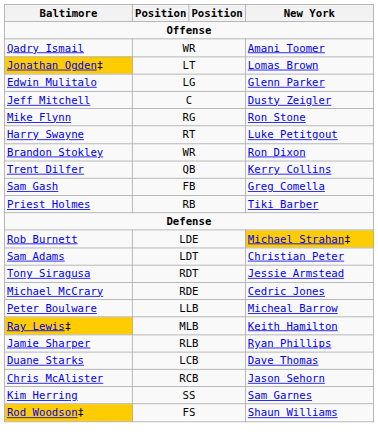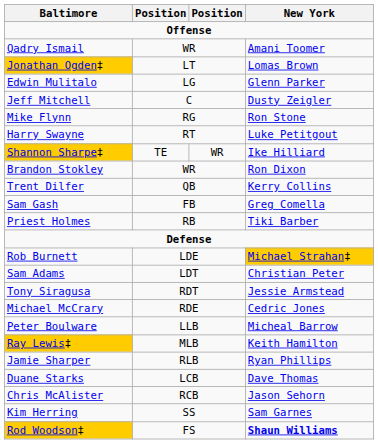 <table class="wikitable">
 <tr>
 <th width="150px">Baltimore</th>
 <th>Position</th>
 <th>Position</th>
 <th width="150px">New York</th>
 </tr>
 <tr>
 <td colspan="4" style="text-align:center"><strong>Offense</strong></td>
 </tr>
 <tr>
 <td><a href='#'>Qadry Ismail</a></td>
 <td colspan="2" style="text-align:center">WR</td>
 <td><a href='#'>Amani Toomer</a></td>
 </tr>
 <tr>
 <td bgcolor="#FFCC00"><a href='#'>Jonathan Ogden</a>‡</td>
 <td colspan="2" style="text-align:center">LT</td>
 <td><a href='#'>Lomas Brown</a></td>
 </tr>
 <tr>
 <td><a href='#'>Edwin Mulitalo</a></td>
 <td colspan="2" style="text-align:center">LG</td>
 <td><a href='#'>Glenn Parker</a></td>
 </tr>
 <tr>
 <td><a href='#'>Jeff Mitchell</a></td>
 <td colspan="2" style="text-align:center">C</td>
 <td><a href='#'>Dusty Zeigler</a></td>
 </tr>
 <tr>
 <td><a href='#'>Mike Flynn</a></td>
 <td colspan="2" style="text-align:center">RG</td>
 <td><a href='#'>Ron Stone</a></td>
 </tr>
 <tr>
 <td><a href='#'>Harry Swayne</a></td>
 <td colspan="2" style="text-align:center">RT</td>
 <td><a href='#'>Luke Petitgout</a></td>
+</tr>
+<tr>
+<td bgcolor="#FFCC00"><a href='#'>Shannon Sharpe</a>‡</td>
+<td style="text-align:center">TE</td>
+<td style="text-align:center">WR</td>
+<td><a href='#'>Ike Hilliard</a></td>
 </tr>
 <tr>
 <td><a href='#'>Brandon Stokley</a></td>
 <td colspan="2" style="text-align:center">WR</td>
 <td><a href='#'>Ron Dixon</a></td>
 </tr>
 <tr>
 <td><a href='#'>Trent Dilfer</a></td>
 <td colspan="2" style="text-align:center">QB</td>
 <td><a href='#'>Kerry Collins</a></td>
 </tr>
 <tr>
 <td><a href='#'>Sam Gash</a></td>
 <td colspan="2" style="text-align:center">FB</td>
 <td><a href='#'>Greg Comella</a></td>
 </tr>
 <tr>
 <td><a href='#'>Priest Holmes</a></td>
 <td colspan="2" style="text-align:center">RB</td>
 <td><a href='#'>Tiki Barber</a></td>
 </tr>
 <tr>
 <td colspan="4" style="text-align:center"><strong>Defense</strong></td>
 </tr>
 <tr>
 <td><a href='#'>Rob Burnett</a></td>
 <td colspan="2" style="text-align:center">LDE</td>
 <td bgcolor="#FFCC00"><a href='#'>Michael Strahan</a>‡</td>
 </tr>
 <tr>
 <td><a href='#'>Sam Adams</a></td>
 <td colspan="2" style="text-align:center">LDT</td>
 <td><a href='#'>Christian Peter</a></td>
 </tr>
 <tr>
 <td><a href='#'>Tony Siragusa</a></td>
 <td colspan="2" style="text-align:center">RDT</td>
 <td><a href='#'>Jessie Armstead</a></td>
 </tr>
 <tr>
 <td><a href='#'>Michael McCrary</a></td>
 <td colspan="2" style="text-align:center">RDE</td>
 <td><a href='#'>Cedric Jones</a></td>
 </tr>
 <tr>
 <td><a href='#'>Peter Boulware</a></td>
 <td colspan="2" style="text-align:center">LLB</td>
 <td><a href='#'>Micheal Barrow</a></td>
 </tr>
 <tr>
 <td bgcolor="#FFCC00"><a href='#'>Ray Lewis</a>‡</td>
 <td colspan="2" style="text-align:center">MLB</td>
 <td><a href='#'>Keith Hamilton</a></td>
 </tr>
 <tr>
 <td><a href='#'>Jamie Sharper</a></td>
 <td colspan="2" style="text-align:center">RLB</td>
 <td><a href='#'>Ryan Phillips</a></td>
 </tr>
 <tr>
 <td><a href='#'>Duane Starks</a></td>
 <td colspan="2" style="text-align:center">LCB</td>
 <td><a href='#'>Dave Thomas</a></td>
 </tr>
 <tr>
 <td><a href='#'>Chris McAlister</a></td>
 <td colspan="2" style="text-align:center">RCB</td>
 <td><a href='#'>Jason Sehorn</a></td>
 </tr>
 <tr>
 <td><a href='#'>Kim Herring</a></td>
 <td colspan="2" style="text-align:center">SS</td>
 <td><a href='#'>Sam Garnes</a></td>
 </tr>
 <tr>
 <td bgcolor="#FFCC00"><a href='#'>Rod Woodson</a>‡</td>
 <td colspan="2" style="text-align:center">FS</td>
-<td><a href='#'>Shaun Williams</a></td>
+<td><strong><a href='#'>Shaun Williams</a></strong></td>
 </tr>
 </table>
